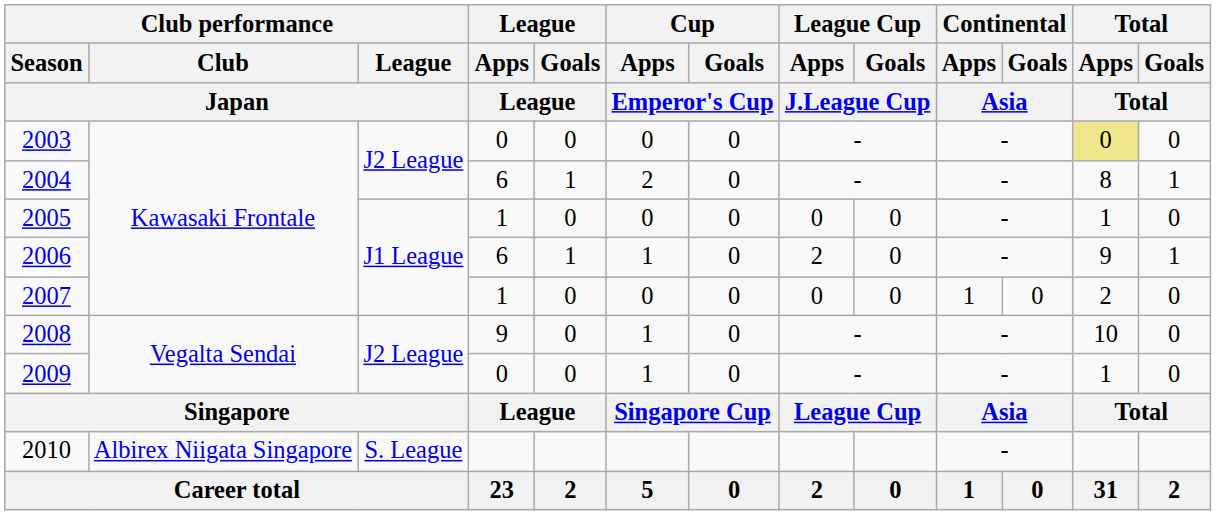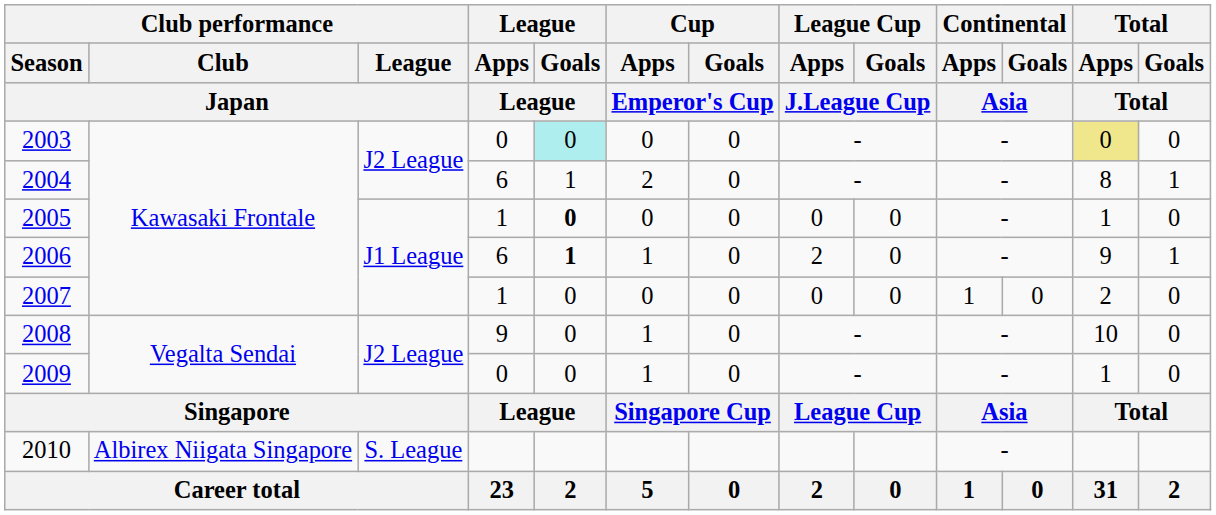 <table class="wikitable" style="text-align:center">
 <tr>
 <th colspan=3>Club performance</th>
 <th colspan=2>League</th>
 <th colspan=2>Cup</th>
 <th colspan=2>League Cup</th>
 <th colspan=2>Continental</th>
 <th colspan=2>Total</th>
 </tr>
 <tr>
 <th>Season</th>
 <th>Club</th>
 <th>League</th>
 <th>Apps</th>
 <th>Goals</th>
 <th>Apps</th>
 <th>Goals</th>
 <th>Apps</th>
 <th>Goals</th>
 <th>Apps</th>
 <th>Goals</th>
 <th>Apps</th>
 <th>Goals</th>
 </tr>
 <tr>
 <th colspan=3>Japan</th>
 <th colspan=2>League</th>
 <th colspan=2><a href='#'>Emperor's Cup</a></th>
 <th colspan=2><a href='#'>J.League Cup</a></th>
 <th colspan=2><a href='#'>Asia</a></th>
 <th colspan=2>Total</th>
 </tr>
 <tr>
 <td><a href='#'>2003</a></td>
 <td rowspan="5"><a href='#'>Kawasaki Frontale</a></td>
 <td rowspan="2"><a href='#'>J2 League</a></td>
 <td>0</td>
-<td>0</td>
+<td style="background: paleturquoise;">0</td>
 <td>0</td>
 <td>0</td>
 <td colspan="2">-</td>
 <td colspan="2">-</td>
 <td style="background: khaki;">0</td>
 <td>0</td>
 </tr>
 <tr>
 <td><a href='#'>2004</a></td>
 <td>6</td>
 <td>1</td>
 <td>2</td>
 <td>0</td>
 <td colspan="2">-</td>
 <td colspan="2">-</td>
 <td>8</td>
 <td>1</td>
 </tr>
 <tr>
 <td><a href='#'>2005</a></td>
 <td rowspan="3"><a href='#'>J1 League</a></td>
 <td>1</td>
-<td>0</td>
+<td><strong>0</strong></td>
 <td>0</td>
 <td>0</td>
 <td>0</td>
 <td>0</td>
 <td colspan="2">-</td>
 <td>1</td>
 <td>0</td>
 </tr>
 <tr>
 <td><a href='#'>2006</a></td>
 <td>6</td>
-<td>1</td>
+<td><strong>1</strong></td>
 <td>1</td>
 <td>0</td>
 <td>2</td>
 <td>0</td>
 <td colspan="2">-</td>
 <td>9</td>
 <td>1</td>
 </tr>
 <tr>
 <td><a href='#'>2007</a></td>
 <td>1</td>
 <td>0</td>
 <td>0</td>
 <td>0</td>
 <td>0</td>
 <td>0</td>
 <td>1</td>
 <td>0</td>
 <td>2</td>
 <td>0</td>
 </tr>
 <tr>
 <td><a href='#'>2008</a></td>
 <td rowspan="2"><a href='#'>Vegalta Sendai</a></td>
 <td rowspan="2"><a href='#'>J2 League</a></td>
 <td>9</td>
 <td>0</td>
 <td>1</td>
 <td>0</td>
 <td colspan="2">-</td>
 <td colspan="2">-</td>
 <td>10</td>
 <td>0</td>
 </tr>
 <tr>
 <td><a href='#'>2009</a></td>
 <td>0</td>
 <td>0</td>
 <td>1</td>
 <td>0</td>
 <td colspan="2">-</td>
 <td colspan="2">-</td>
 <td>1</td>
 <td>0</td>
 </tr>
 <tr>
 <th colspan=3>Singapore</th>
 <th colspan=2>League</th>
 <th colspan=2><a href='#'>Singapore Cup</a></th>
 <th colspan=2><a href='#'>League Cup</a></th>
 <th colspan=2><a href='#'>Asia</a></th>
 <th colspan=2>Total</th>
 </tr>
 <tr>
 <td>2010</td>
 <td><a href='#'>Albirex Niigata Singapore</a></td>
 <td><a href='#'>S. League</a></td>
 <td></td>
 <td></td>
 <td></td>
 <td></td>
 <td></td>
 <td></td>
 <td colspan="2">-</td>
 <td></td>
 <td></td>
 </tr>
 <tr>
 <th colspan=3>Career total</th>
 <th>23</th>
 <th>2</th>
 <th>5</th>
 <th>0</th>
 <th>2</th>
 <th>0</th>
 <th>1</th>
 <th>0</th>
 <th>31</th>
 <th>2</th>
 </tr>
 </table>
